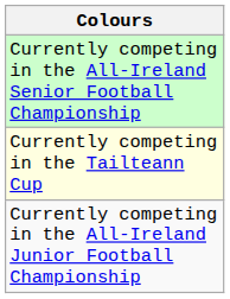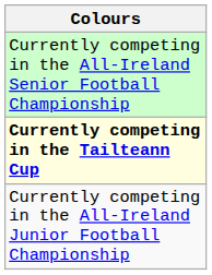 <table class="wikitable">
 <tr>
 <th width="150">Colours</th>
 </tr>
 <tr style="background:#ccffcc">
 <td>Currently competing in the <a href='#'>All-Ireland Senior Football Championship</a></td>
 </tr>
 <tr style="background:#FFFFE0">
-<td>Currently competing in the <a href='#'>Tailteann Cup</a></td>
+<td><strong>Currently competing in the <a href='#'>Tailteann Cup</a></strong></td>
 </tr>
 <tr>
 <td>Currently competing in the <a href='#'>All-Ireland Junior Football Championship</a></td>
 </tr>
 </table>
